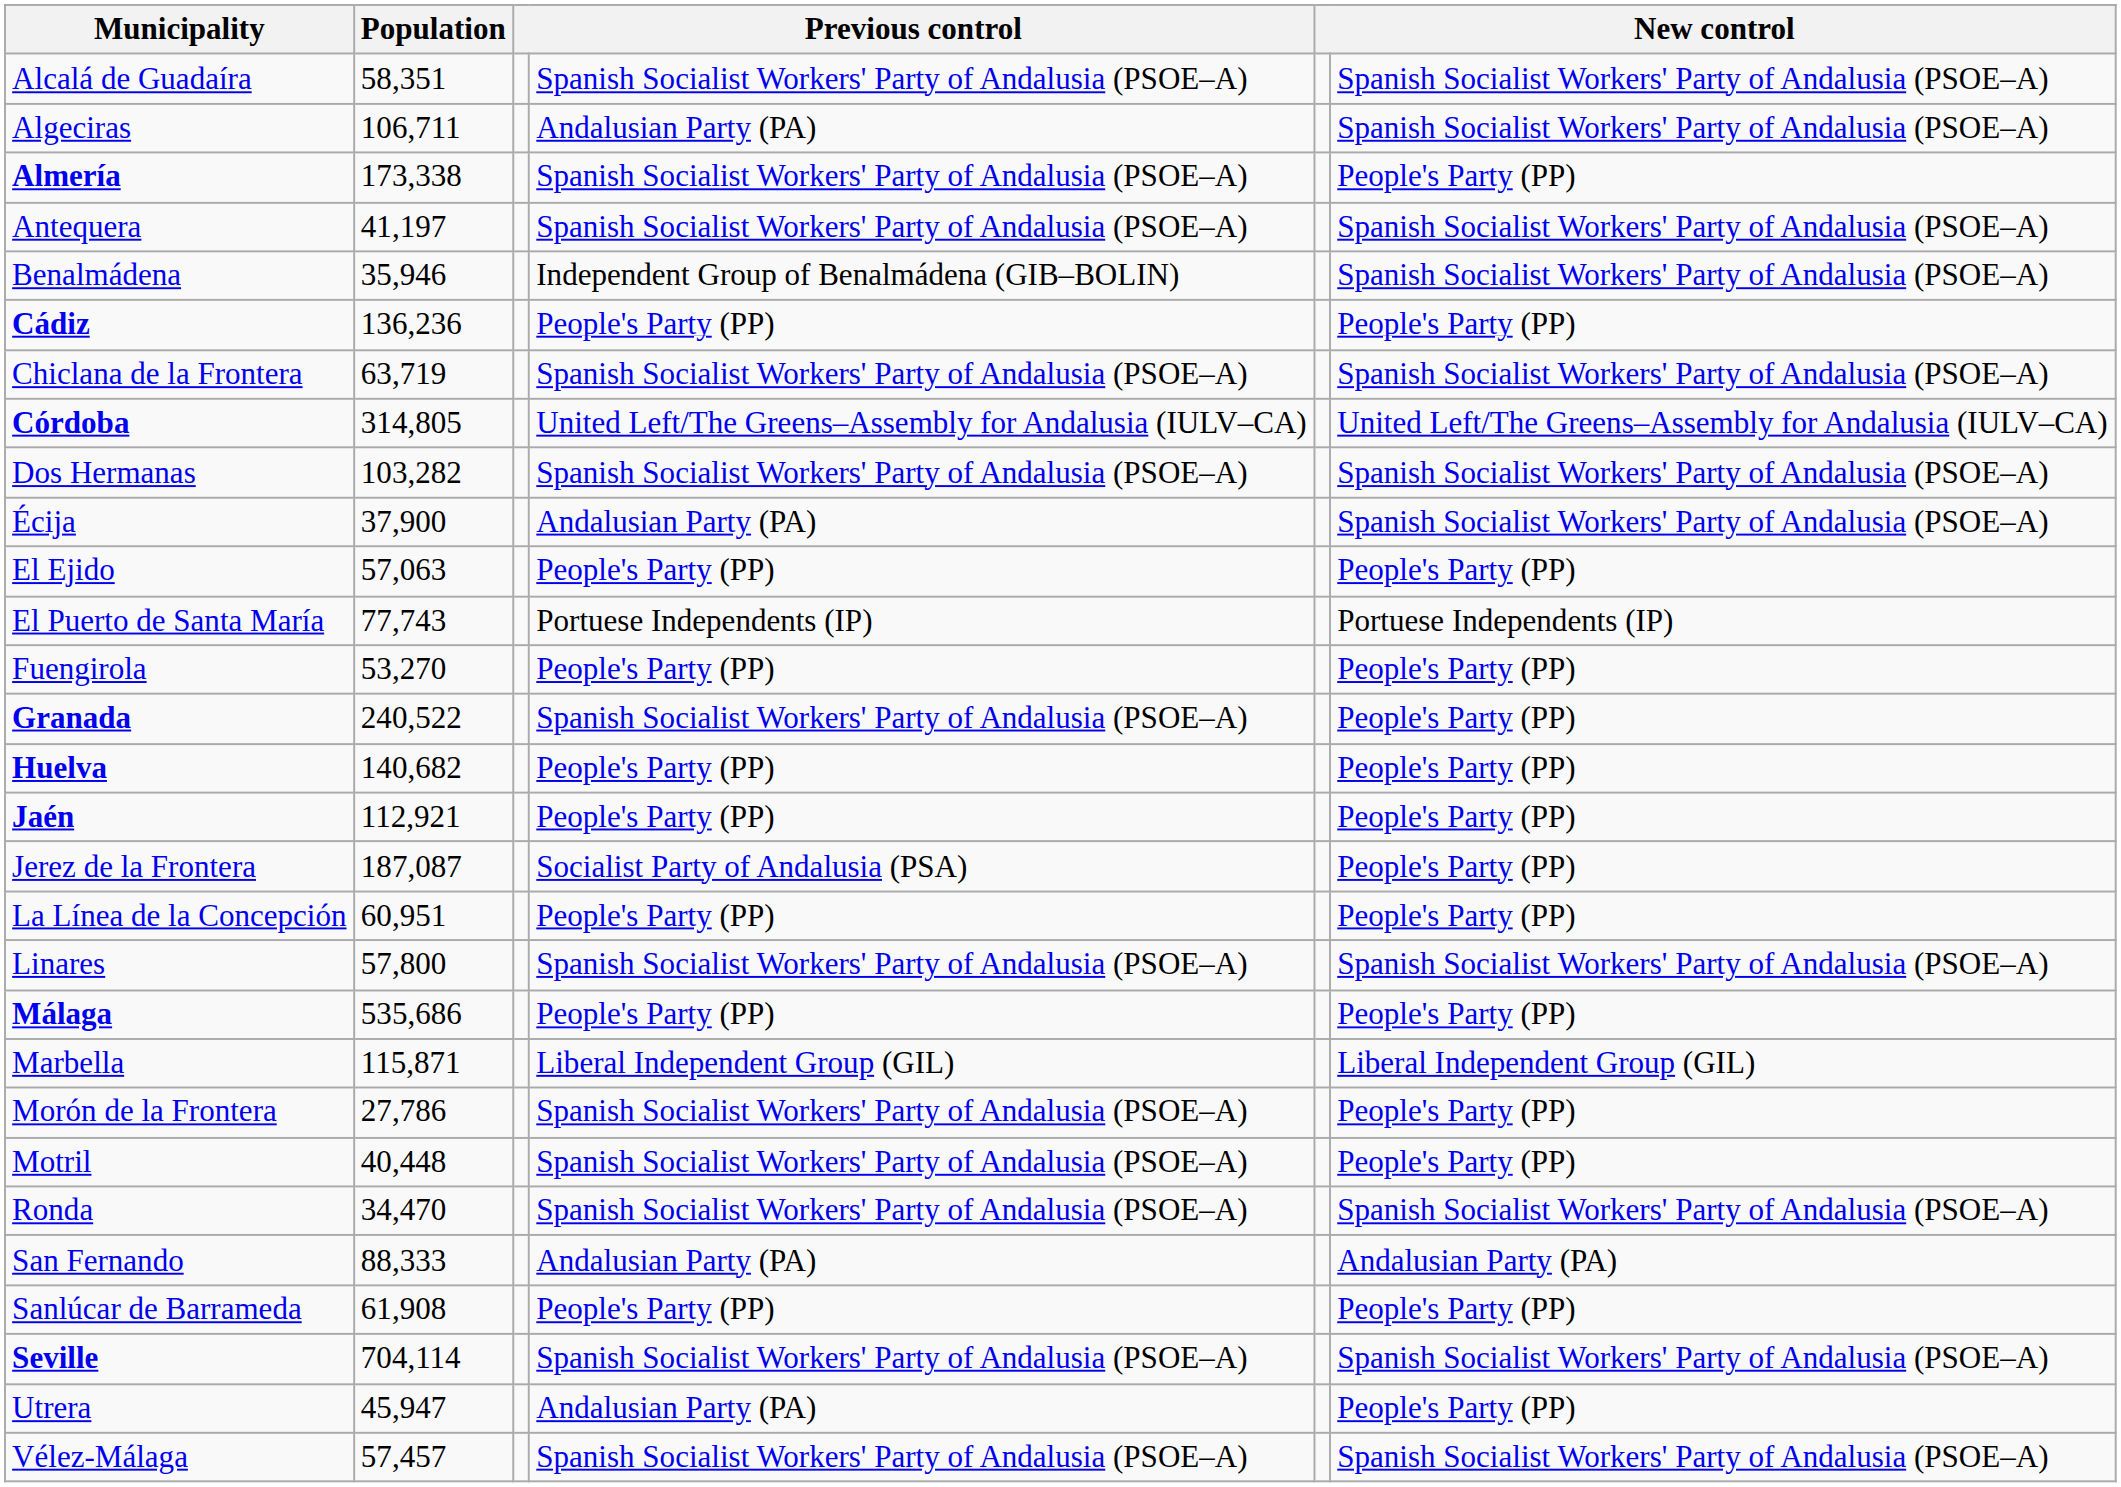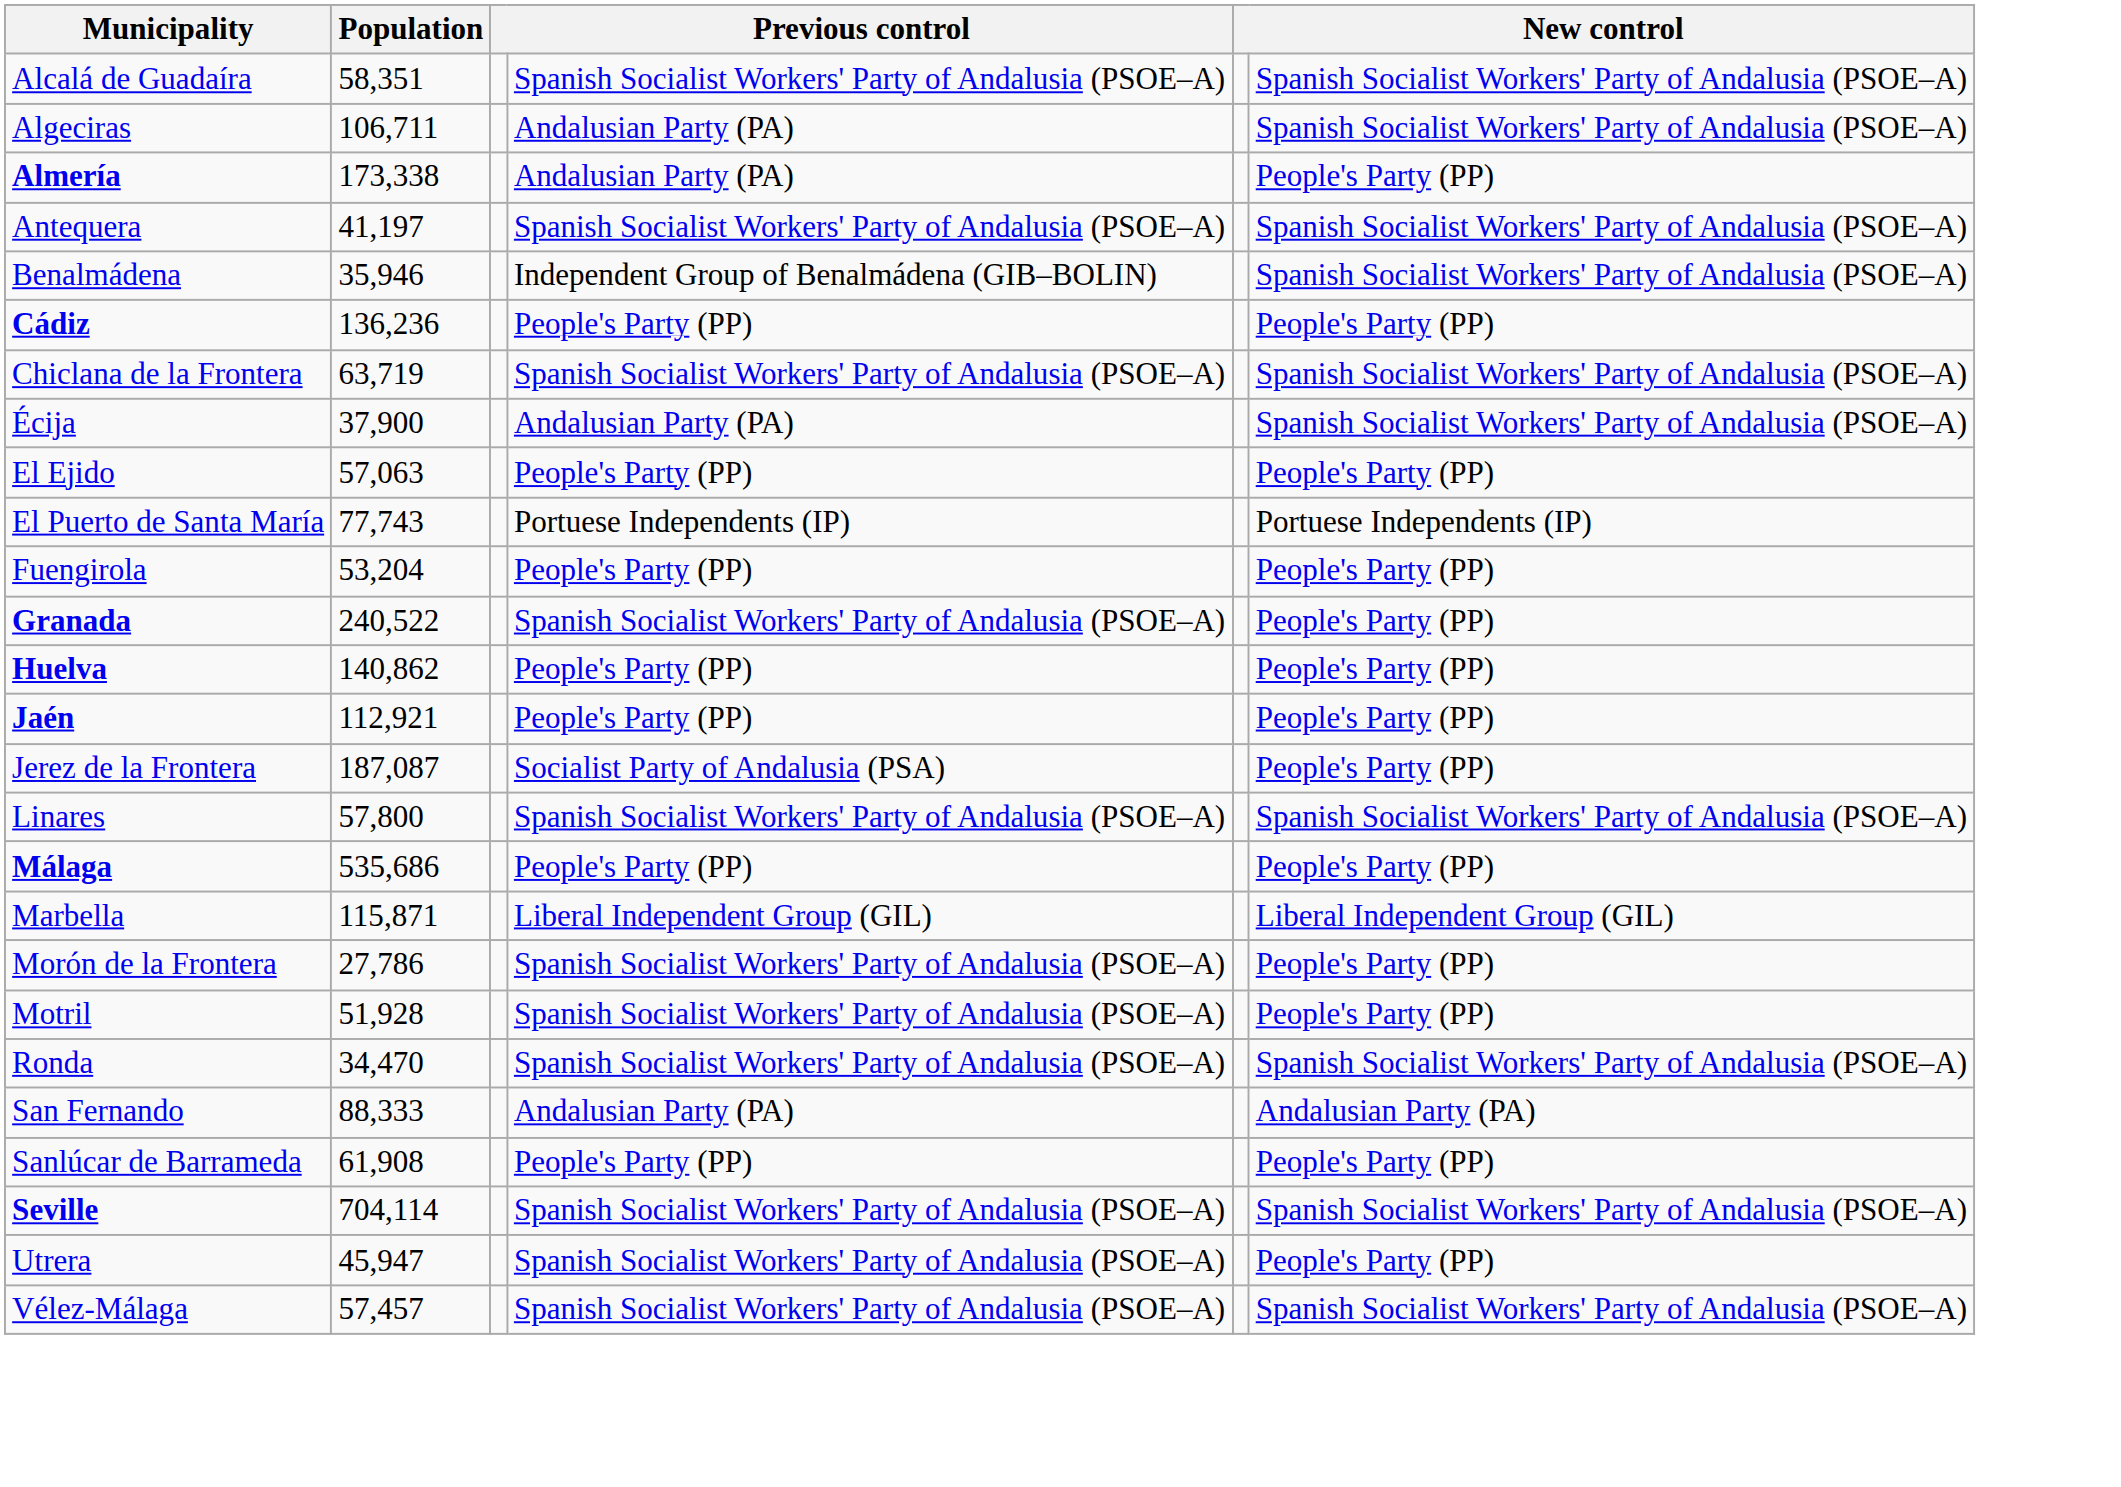 <table class="wikitable sortable">
 <tr>
 <th>Municipality</th>
 <th>Population</th>
 <th colspan="2" style="width:375px;">Previous control</th>
 <th colspan="2" style="width:375px;">New control</th>
 </tr>
 <tr>
 <td><a href='#'>Alcalá de Guadaíra</a></td>
 <td>58,351</td>
 <td width="1" style="color:inherit;background:"></td>
 <td><a href='#'>Spanish Socialist Workers' Party of Andalusia</a> (PSOE–A)</td>
 <td width="1" style="color:inherit;background:"></td>
 <td><a href='#'>Spanish Socialist Workers' Party of Andalusia</a> (PSOE–A)</td>
 </tr>
 <tr>
 <td><a href='#'>Algeciras</a></td>
 <td>106,711</td>
 <td style="color:inherit;background:"></td>
 <td><a href='#'>Andalusian Party</a> (PA)</td>
 <td style="color:inherit;background:"></td>
 <td><a href='#'>Spanish Socialist Workers' Party of Andalusia</a> (PSOE–A)</td>
 </tr>
 <tr>
 <td><strong><a href='#'>Almería</a></strong></td>
 <td>173,338</td>
 <td style="color:inherit;background:"></td>
-<td><a href='#'>Spanish Socialist Workers' Party of Andalusia</a> (PSOE–A)</td>
+<td><a href='#'>Andalusian Party</a> (PA)</td>
 <td style="color:inherit;background:"></td>
 <td><a href='#'>People's Party</a> (PP)</td>
 </tr>
 <tr>
 <td><a href='#'>Antequera</a></td>
 <td>41,197</td>
 <td style="color:inherit;background:"></td>
 <td><a href='#'>Spanish Socialist Workers' Party of Andalusia</a> (PSOE–A)</td>
 <td style="color:inherit;background:"></td>
 <td><a href='#'>Spanish Socialist Workers' Party of Andalusia</a> (PSOE–A)</td>
 </tr>
 <tr>
 <td><a href='#'>Benalmádena</a></td>
 <td>35,946</td>
 <td style="color:inherit;background:"></td>
 <td>Independent Group of Benalmádena (GIB–BOLIN)</td>
 <td style="color:inherit;background:"></td>
 <td><a href='#'>Spanish Socialist Workers' Party of Andalusia</a> (PSOE–A)</td>
 </tr>
 <tr>
 <td><strong><a href='#'>Cádiz</a></strong></td>
 <td>136,236</td>
 <td style="color:inherit;background:"></td>
 <td><a href='#'>People's Party</a> (PP)</td>
 <td style="color:inherit;background:"></td>
 <td><a href='#'>People's Party</a> (PP)</td>
 </tr>
 <tr>
 <td><a href='#'>Chiclana de la Frontera</a></td>
 <td>63,719</td>
 <td style="color:inherit;background:"></td>
 <td><a href='#'>Spanish Socialist Workers' Party of Andalusia</a> (PSOE–A)</td>
 <td style="color:inherit;background:"></td>
 <td><a href='#'>Spanish Socialist Workers' Party of Andalusia</a> (PSOE–A)</td>
 </tr>
 <tr>
-<td><strong><a href='#'>Córdoba</a></strong></td>
-<td>314,805</td>
-<td style="color:inherit;background:"></td>
-<td><a href='#'>United Left/The Greens–Assembly for Andalusia</a> (IULV–CA)</td>
-<td style="color:inherit;background:"></td>
-<td><a href='#'>United Left/The Greens–Assembly for Andalusia</a> (IULV–CA)</td>
-</tr>
-<tr>
-<td><a href='#'>Dos Hermanas</a></td>
-<td>103,282</td>
-<td style="color:inherit;background:"></td>
-<td><a href='#'>Spanish Socialist Workers' Party of Andalusia</a> (PSOE–A)</td>
-<td style="color:inherit;background:"></td>
-<td><a href='#'>Spanish Socialist Workers' Party of Andalusia</a> (PSOE–A)</td>
-</tr>
-<tr>
 <td><a href='#'>Écija</a></td>
 <td>37,900</td>
 <td style="color:inherit;background:"></td>
 <td><a href='#'>Andalusian Party</a> (PA)</td>
 <td style="color:inherit;background:"></td>
 <td><a href='#'>Spanish Socialist Workers' Party of Andalusia</a> (PSOE–A)</td>
 </tr>
 <tr>
 <td><a href='#'>El Ejido</a></td>
 <td>57,063</td>
 <td style="color:inherit;background:"></td>
 <td><a href='#'>People's Party</a> (PP)</td>
 <td style="color:inherit;background:"></td>
 <td><a href='#'>People's Party</a> (PP) </td>
 </tr>
 <tr>
 <td><a href='#'>El Puerto de Santa María</a></td>
 <td>77,743</td>
 <td style="color:inherit;background:"></td>
 <td>Portuese Independents (IP)</td>
 <td style="color:inherit;background:"></td>
 <td>Portuese Independents (IP)</td>
 </tr>
 <tr>
 <td><a href='#'>Fuengirola</a></td>
-<td>53,270</td>
+<td>53,204</td>
 <td style="color:inherit;background:"></td>
 <td><a href='#'>People's Party</a> (PP)</td>
 <td style="color:inherit;background:"></td>
 <td><a href='#'>People's Party</a> (PP)</td>
 </tr>
 <tr>
 <td><strong><a href='#'>Granada</a></strong></td>
 <td>240,522</td>
 <td style="color:inherit;background:"></td>
 <td><a href='#'>Spanish Socialist Workers' Party of Andalusia</a> (PSOE–A)</td>
 <td style="color:inherit;background:"></td>
 <td><a href='#'>People's Party</a> (PP)</td>
 </tr>
 <tr>
 <td><strong><a href='#'>Huelva</a></strong></td>
-<td>140,682</td>
+<td>140,862</td>
 <td style="color:inherit;background:"></td>
 <td><a href='#'>People's Party</a> (PP)</td>
 <td style="color:inherit;background:"></td>
 <td><a href='#'>People's Party</a> (PP)</td>
 </tr>
 <tr>
 <td><strong><a href='#'>Jaén</a></strong></td>
 <td>112,921</td>
 <td style="color:inherit;background:"></td>
 <td><a href='#'>People's Party</a> (PP)</td>
 <td style="color:inherit;background:"></td>
 <td><a href='#'>People's Party</a> (PP)</td>
 </tr>
 <tr>
 <td><a href='#'>Jerez de la Frontera</a></td>
 <td>187,087</td>
 <td style="color:inherit;background:"></td>
 <td><a href='#'>Socialist Party of Andalusia</a> (PSA)</td>
 <td style="color:inherit;background:"></td>
 <td><a href='#'>People's Party</a> (PP) </td>
-</tr>
-<tr>
-<td><a href='#'>La Línea de la Concepción</a></td>
-<td>60,951</td>
-<td style="color:inherit;background:"></td>
-<td><a href='#'>People's Party</a> (PP)</td>
-<td style="color:inherit;background:"></td>
-<td><a href='#'>People's Party</a> (PP)</td>
 </tr>
 <tr>
 <td><a href='#'>Linares</a></td>
 <td>57,800</td>
 <td style="color:inherit;background:"></td>
 <td><a href='#'>Spanish Socialist Workers' Party of Andalusia</a> (PSOE–A)</td>
 <td style="color:inherit;background:"></td>
 <td><a href='#'>Spanish Socialist Workers' Party of Andalusia</a> (PSOE–A)</td>
 </tr>
 <tr>
 <td><strong><a href='#'>Málaga</a></strong></td>
 <td>535,686</td>
 <td style="color:inherit;background:"></td>
 <td><a href='#'>People's Party</a> (PP)</td>
 <td style="color:inherit;background:"></td>
 <td><a href='#'>People's Party</a> (PP)</td>
 </tr>
 <tr>
 <td><a href='#'>Marbella</a></td>
 <td>115,871</td>
 <td style="color:inherit;background:"></td>
 <td><a href='#'>Liberal Independent Group</a> (GIL)</td>
 <td style="color:inherit;background:"></td>
 <td><a href='#'>Liberal Independent Group</a> (GIL)</td>
 </tr>
 <tr>
 <td><a href='#'>Morón de la Frontera</a></td>
 <td>27,786</td>
 <td style="color:inherit;background:"></td>
 <td><a href='#'>Spanish Socialist Workers' Party of Andalusia</a> (PSOE–A)</td>
 <td style="color:inherit;background:"></td>
 <td><a href='#'>People's Party</a> (PP)</td>
 </tr>
 <tr>
 <td><a href='#'>Motril</a></td>
-<td>40,448</td>
+<td>51,928</td>
 <td style="color:inherit;background:"></td>
 <td><a href='#'>Spanish Socialist Workers' Party of Andalusia</a> (PSOE–A)</td>
 <td style="color:inherit;background:"></td>
 <td><a href='#'>People's Party</a> (PP) </td>
 </tr>
 <tr>
 <td><a href='#'>Ronda</a></td>
 <td>34,470</td>
 <td style="color:inherit;background:"></td>
 <td><a href='#'>Spanish Socialist Workers' Party of Andalusia</a> (PSOE–A)</td>
 <td style="color:inherit;background:"></td>
 <td><a href='#'>Spanish Socialist Workers' Party of Andalusia</a> (PSOE–A)</td>
 </tr>
 <tr>
 <td><a href='#'>San Fernando</a></td>
 <td>88,333</td>
 <td style="color:inherit;background:"></td>
 <td><a href='#'>Andalusian Party</a> (PA)</td>
 <td style="color:inherit;background:"></td>
 <td><a href='#'>Andalusian Party</a> (PA)</td>
 </tr>
 <tr>
 <td><a href='#'>Sanlúcar de Barrameda</a></td>
 <td>61,908</td>
 <td style="color:inherit;background:"></td>
 <td><a href='#'>People's Party</a> (PP)</td>
 <td style="color:inherit;background:"></td>
 <td><a href='#'>People's Party</a> (PP)</td>
 </tr>
 <tr>
 <td><strong><a href='#'>Seville</a></strong></td>
 <td>704,114</td>
 <td style="color:inherit;background:"></td>
 <td><a href='#'>Spanish Socialist Workers' Party of Andalusia</a> (PSOE–A)</td>
 <td style="color:inherit;background:"></td>
 <td><a href='#'>Spanish Socialist Workers' Party of Andalusia</a> (PSOE–A)</td>
 </tr>
 <tr>
 <td><a href='#'>Utrera</a></td>
 <td>45,947</td>
 <td style="color:inherit;background:"></td>
-<td><a href='#'>Andalusian Party</a> (PA)</td>
+<td><a href='#'>Spanish Socialist Workers' Party of Andalusia</a> (PSOE–A)</td>
 <td style="color:inherit;background:"></td>
 <td><a href='#'>People's Party</a> (PP) </td>
 </tr>
 <tr>
 <td><a href='#'>Vélez-Málaga</a></td>
 <td>57,457</td>
 <td style="color:inherit;background:"></td>
 <td><a href='#'>Spanish Socialist Workers' Party of Andalusia</a> (PSOE–A)</td>
 <td style="color:inherit;background:"></td>
 <td><a href='#'>Spanish Socialist Workers' Party of Andalusia</a> (PSOE–A)</td>
 </tr>
 </table>
